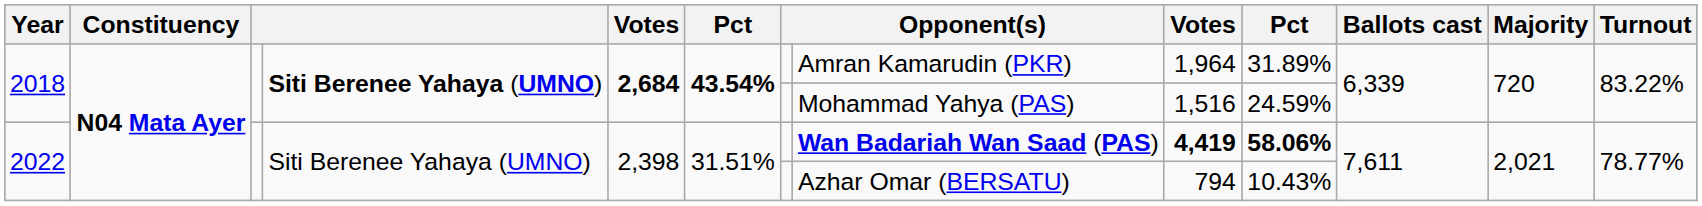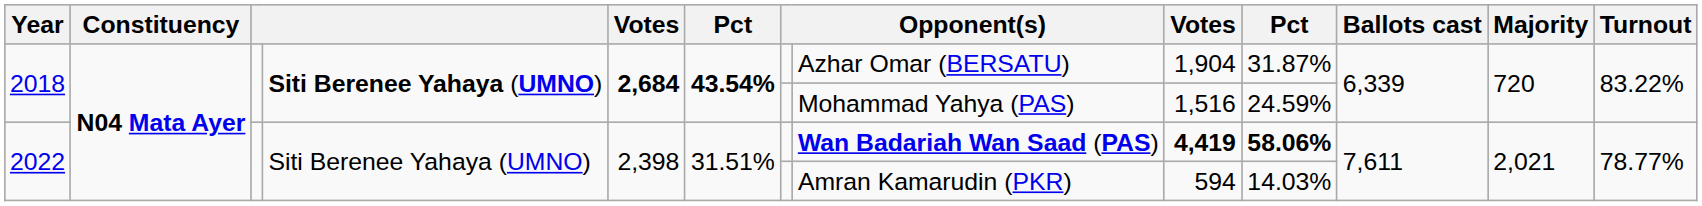 <table class="wikitable" style="margin:0.5em ; font-size:95%">
 <tr>
 <th>Year</th>
 <th>Constituency</th>
 <th colspan=2></th>
 <th>Votes</th>
 <th>Pct</th>
 <th colspan=2>Opponent(s)</th>
 <th>Votes</th>
 <th>Pct</th>
 <th>Ballots cast</th>
 <th>Majority</th>
 <th>Turnout</th>
 </tr>
 <tr>
 <td rowspan=2><a href='#'>2018</a></td>
 <td rowspan=4><strong>N04 <a href='#'>Mata Ayer</a></strong></td>
 <td rowspan=2 ></td>
 <td rowspan=2><strong>Siti Berenee Yahaya</strong> (<a href='#'><strong>UMNO</strong></a>)</td>
 <td rowspan=2 align="right"><strong>2,684</strong></td>
 <td rowspan=2 align="right"><strong>43.54%</strong></td>
 <td></td>
-<td>Amran Kamarudin (<a href='#'>PKR</a>)</td>
-<td align="right">1,964</td>
-<td align="right">31.89%</td>
+<td>Azhar Omar (<a href='#'>BERSATU</a>)</td>
+<td align="right">1,904</td>
+<td align="right">31.87%</td>
 <td rowspan=2>6,339</td>
 <td rowspan=2>720</td>
 <td rowspan=2>83.22%</td>
 </tr>
 <tr>
 <td></td>
 <td>Mohammad Yahya (<a href='#'>PAS</a>)</td>
 <td align="right">1,516</td>
 <td align="right">24.59%</td>
 </tr>
 <tr>
 <td rowspan=2><a href='#'>2022</a></td>
 <td rowspan=2 ></td>
 <td rowspan=2>Siti Berenee Yahaya (<a href='#'>UMNO</a>)</td>
 <td rowspan=2 align="right">2,398</td>
 <td rowspan=2>31.51%</td>
 <td bgcolor=></td>
 <td><strong><a href='#'>Wan Badariah Wan Saad</a></strong> (<a href='#'><strong>PAS</strong></a>)</td>
 <td align="right"><strong>4,419</strong></td>
 <td align="right"><strong>58.06%</strong></td>
 <td rowspan=2>7,611</td>
 <td rowspan=2>2,021</td>
 <td rowspan=2>78.77%</td>
 </tr>
 <tr>
 <td></td>
-<td>Azhar Omar (<a href='#'>BERSATU</a>)</td>
-<td align="right">794</td>
-<td align="right">10.43%</td>
+<td>Amran Kamarudin (<a href='#'>PKR</a>)</td>
+<td align="right">594</td>
+<td align="right">14.03%</td>
 </tr>
 </table>
